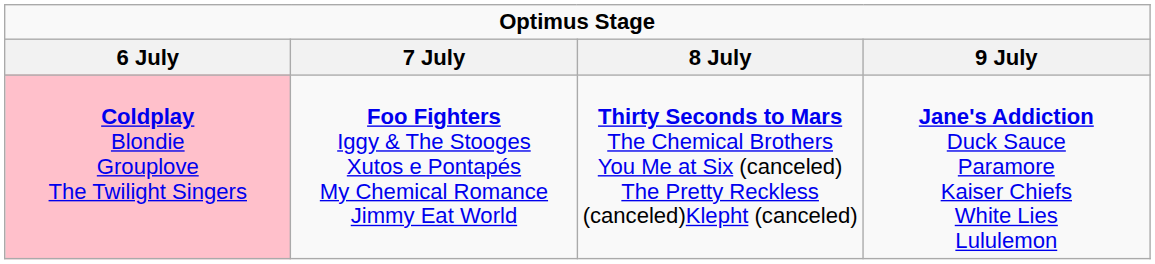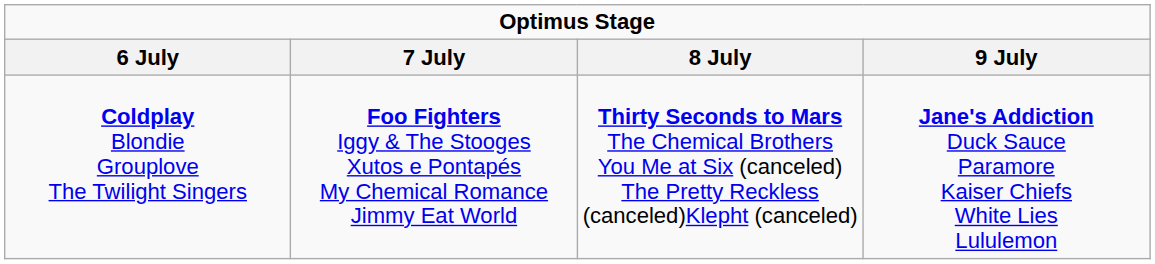 <table class="wikitable">
 <tr>
 <td colspan="4" align="center"><strong>Optimus Stage</strong></td>
 </tr>
 <tr>
 <th>6 July</th>
 <th>7 July</th>
 <th>8 July</th>
 <th>9 July</th>
 </tr>
 <tr>
-<td valign="top" align="center" width="200" style="background: pink;"><br><strong><a href='#'>Coldplay</a></strong><br><a href='#'>Blondie</a><br><a href='#'>Grouplove</a><br><a href='#'>The Twilight Singers</a></td>
+<td valign="top" align="center" width="200"><br><strong><a href='#'>Coldplay</a></strong><br><a href='#'>Blondie</a><br><a href='#'>Grouplove</a><br><a href='#'>The Twilight Singers</a></td>
 <td valign="top" align="center" width="200"><br><strong><a href='#'>Foo Fighters</a></strong><br><a href='#'>Iggy & The Stooges</a><br><a href='#'>Xutos e Pontapés</a><br><a href='#'>My Chemical Romance</a><br><a href='#'>Jimmy Eat World</a></td>
 <td valign="top" align="center" width="200"><br><strong><a href='#'>Thirty Seconds to Mars</a></strong><br><a href='#'>The Chemical Brothers</a><br><a href='#'>You Me at Six</a> (canceled)<br><a href='#'>The Pretty Reckless</a> (canceled)<a href='#'>Klepht</a> (canceled)</td>
 <td valign="top" align="center" width="200"><br><strong><a href='#'>Jane's Addiction</a></strong><br><a href='#'>Duck Sauce</a><br><a href='#'>Paramore</a><br><a href='#'>Kaiser Chiefs</a><br><a href='#'>White Lies</a><br><a href='#'>Lululemon</a></td>
 </tr>
 </table>
